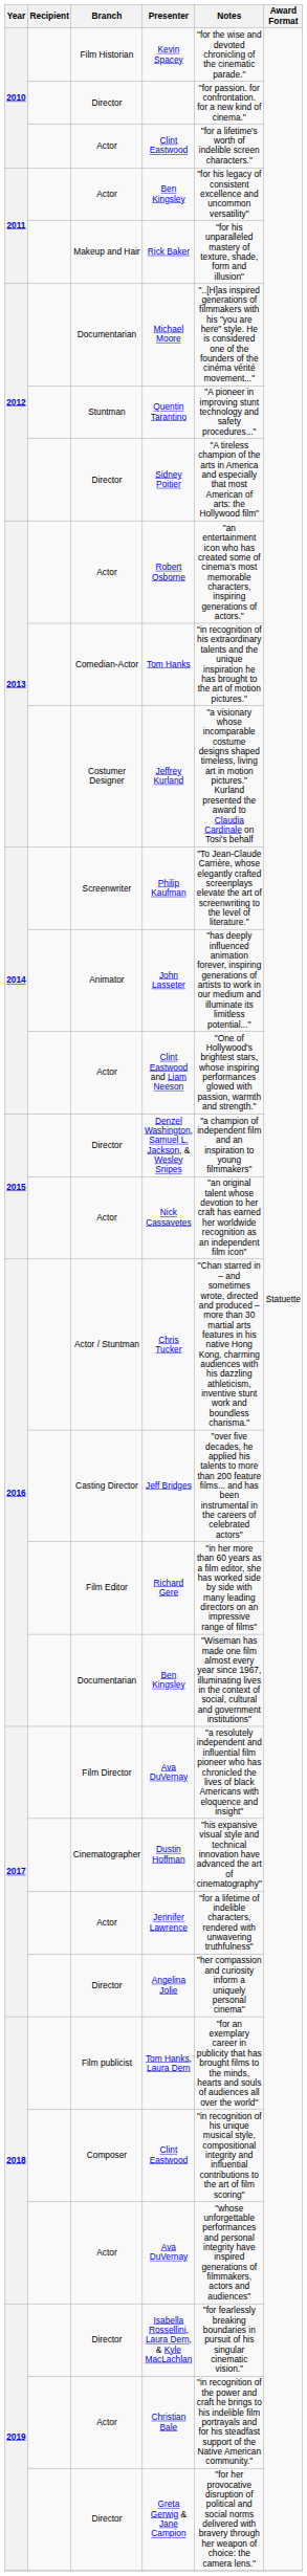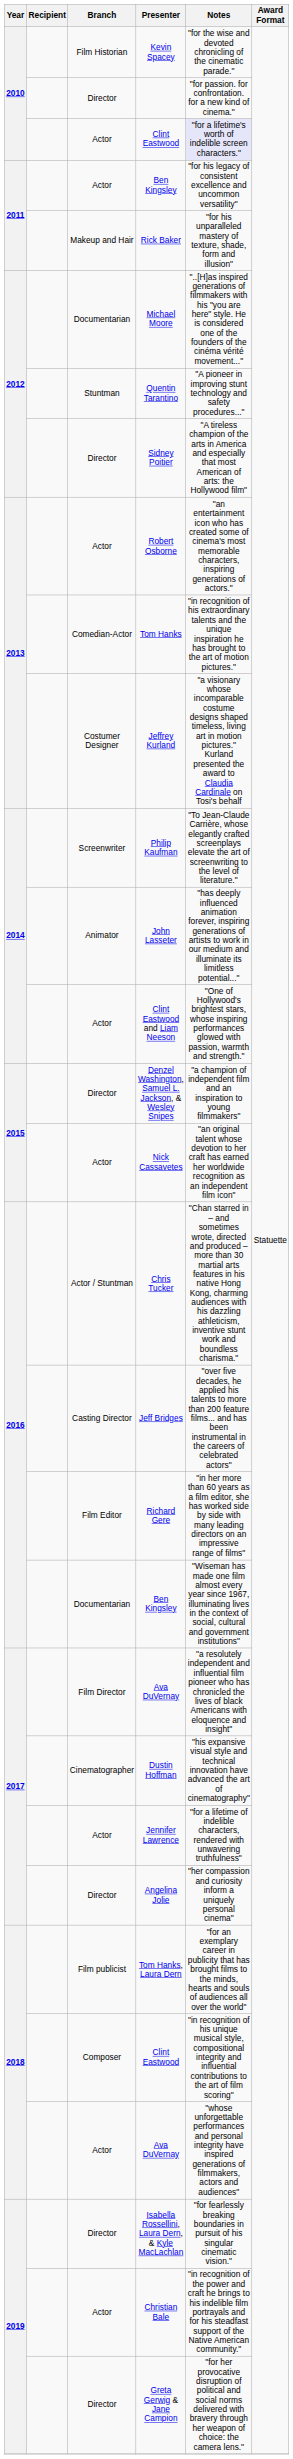 <table class="wikitable plainrowheaders" width="85%" style="text-align:center;">
 <tr>
 <th scope="col">Year</th>
 <th width=150>Recipient</th>
 <th width=120>Branch</th>
 <th width=150>Presenter</th>
 <th scope="col" class="unsortable">Notes</th>
 <th scope="col">Award Format</th>
 </tr>
 <tr>
 <th rowspan="3"><a href='#'>2010</a></th>
 <td></td>
 <td>Film Historian</td>
 <td><a href='#'>Kevin Spacey</a></td>
 <td>"for the wise and devoted chronicling of the cinematic parade."</td>
 <td rowspan="30">Statuette</td>
 </tr>
 <tr>
 <td></td>
 <td>Director</td>
 <td></td>
 <td>"for passion. for confrontation. for a new kind of cinema."</td>
 </tr>
 <tr>
 <td></td>
 <td>Actor</td>
 <td><a href='#'>Clint Eastwood</a></td>
-<td>"for a lifetime's worth of indelible screen characters."</td>
+<td style="background: lavender;">"for a lifetime's worth of indelible screen characters."</td>
 </tr>
 <tr>
 <th rowspan="2"><a href='#'>2011</a></th>
 <td></td>
 <td>Actor</td>
 <td><a href='#'>Ben Kingsley</a></td>
 <td>"for his legacy of consistent excellence and uncommon versatility"</td>
 </tr>
 <tr>
 <td></td>
 <td>Makeup and Hair</td>
 <td><a href='#'>Rick Baker</a></td>
 <td>"for his unparalleled mastery of texture, shade, form and illusion"</td>
 </tr>
 <tr>
 <th rowspan="3"><a href='#'>2012</a></th>
 <td></td>
 <td>Documentarian</td>
 <td><a href='#'>Michael Moore</a></td>
 <td>"..[H]as inspired generations of filmmakers with his "you are here" style. He is considered one of the founders of the cinéma vérité movement..."</td>
 </tr>
 <tr>
 <td></td>
 <td>Stuntman</td>
 <td><a href='#'>Quentin Tarantino</a></td>
 <td>"A pioneer in improving stunt technology and safety procedures..."</td>
 </tr>
 <tr>
 <td></td>
 <td>Director</td>
 <td><a href='#'>Sidney Poitier</a></td>
 <td>"A tireless champion of the arts in America and especially that most American of arts: the Hollywood film"</td>
 </tr>
 <tr>
 <th rowspan="3"><a href='#'>2013</a></th>
 <td></td>
 <td>Actor</td>
 <td><a href='#'>Robert Osborne</a></td>
 <td>"an entertainment icon who has created some of cinema's most memorable characters, inspiring generations of actors."</td>
 </tr>
 <tr>
 <td></td>
 <td>Comedian-Actor</td>
 <td><a href='#'>Tom Hanks</a></td>
 <td>"in recognition of his extraordinary talents and the unique inspiration he has brought to the art of motion pictures."</td>
 </tr>
 <tr>
 <td></td>
 <td>Costumer Designer</td>
 <td><a href='#'>Jeffrey Kurland</a></td>
 <td>"a visionary whose incomparable costume designs shaped timeless, living art in motion pictures." <br> Kurland presented the award to <a href='#'>Claudia Cardinale</a> on Tosi's behalf</td>
 </tr>
 <tr>
 <th rowspan="3"><a href='#'>2014</a></th>
 <td></td>
 <td>Screenwriter</td>
 <td><a href='#'>Philip Kaufman</a></td>
 <td>"To Jean-Claude Carrière, whose elegantly crafted screenplays elevate the art of screenwriting to the level of literature."</td>
 </tr>
 <tr>
 <td></td>
 <td>Animator</td>
 <td><a href='#'>John Lasseter</a></td>
 <td>"has deeply influenced animation forever, inspiring generations of artists to work in our medium and illuminate its limitless potential..."</td>
 </tr>
 <tr>
 <td></td>
 <td>Actor</td>
 <td><a href='#'>Clint Eastwood</a> and <a href='#'>Liam Neeson</a></td>
 <td>"One of Hollywood's brightest stars, whose inspiring performances glowed with passion, warmth and strength."</td>
 </tr>
 <tr>
 <th rowspan="2"><a href='#'>2015</a></th>
 <td></td>
 <td>Director</td>
 <td><a href='#'>Denzel Washington</a>, <a href='#'>Samuel L. Jackson</a>, & <a href='#'>Wesley Snipes</a></td>
 <td>"a champion of independent film and an inspiration to young filmmakers"</td>
 </tr>
 <tr>
 <td></td>
 <td>Actor</td>
 <td><a href='#'>Nick Cassavetes</a></td>
 <td>"an original talent whose devotion to her craft has earned her worldwide recognition as an independent film icon"</td>
 </tr>
 <tr>
 <th rowspan="4"><a href='#'>2016</a></th>
 <td></td>
 <td>Actor / Stuntman</td>
 <td><a href='#'>Chris Tucker</a></td>
 <td>"Chan starred in – and sometimes wrote, directed and produced – more than 30 martial arts features in his native Hong Kong, charming audiences with his dazzling athleticism, inventive stunt work and boundless charisma."</td>
 </tr>
 <tr>
 <td></td>
 <td>Casting Director</td>
 <td><a href='#'>Jeff Bridges</a></td>
 <td>"over five decades, he applied his talents to more than 200 feature films... and has been instrumental in the careers of celebrated actors"</td>
 </tr>
 <tr>
 <td></td>
 <td>Film Editor</td>
 <td><a href='#'>Richard Gere</a></td>
 <td>"in her more than 60 years as a film editor, she has worked side by side with many leading directors on an impressive range of films"</td>
 </tr>
 <tr>
 <td></td>
 <td>Documentarian</td>
 <td><a href='#'>Ben Kingsley</a></td>
 <td>"Wiseman has made one film almost every year since 1967, illuminating lives in the context of social, cultural and government institutions"</td>
 </tr>
 <tr>
 <th rowspan="4"><a href='#'>2017</a> <br></th>
 <td></td>
 <td>Film Director</td>
 <td><a href='#'>Ava DuVernay</a></td>
 <td>"a resolutely independent and influential film pioneer who has chronicled the lives of black Americans with eloquence and insight"</td>
 </tr>
 <tr>
 <td></td>
 <td>Cinematographer</td>
 <td><a href='#'>Dustin Hoffman</a></td>
 <td>"his expansive visual style and technical innovation have advanced the art of cinematography"</td>
 </tr>
 <tr>
 <td></td>
 <td>Actor</td>
 <td><a href='#'>Jennifer Lawrence</a></td>
 <td>"for a lifetime of indelible characters, rendered with unwavering truthfulness"</td>
 </tr>
 <tr>
 <td></td>
 <td>Director</td>
 <td><a href='#'>Angelina Jolie</a></td>
 <td>"her compassion and curiosity inform a uniquely personal cinema"</td>
 </tr>
 <tr>
 <th rowspan="3"><a href='#'>2018</a> <br></th>
 <td></td>
 <td>Film publicist</td>
 <td><a href='#'>Tom Hanks</a>, <a href='#'>Laura Dern</a></td>
 <td>"for an exemplary career in publicity that has brought films to the minds, hearts and souls of audiences all over the world"</td>
 </tr>
 <tr>
 <td></td>
 <td>Composer</td>
 <td><a href='#'>Clint Eastwood</a></td>
 <td>"in recognition of his unique musical style, compositional integrity and influential contributions to the art of film scoring"</td>
 </tr>
 <tr>
 <td></td>
 <td>Actor</td>
 <td><a href='#'>Ava DuVernay</a></td>
 <td>"whose unforgettable performances and personal integrity have inspired generations of filmmakers, actors and audiences"</td>
 </tr>
 <tr>
 <th rowspan="3"><a href='#'>2019</a> <br></th>
 <td></td>
 <td>Director</td>
 <td><a href='#'>Isabella Rossellini</a>, <a href='#'>Laura Dern</a>, & <a href='#'>Kyle MacLachlan</a></td>
 <td>"for fearlessly breaking boundaries in pursuit of his singular cinematic vision."</td>
 </tr>
 <tr>
 <td></td>
 <td>Actor</td>
 <td><a href='#'>Christian Bale</a></td>
 <td>"in recognition of the power and craft he brings to his indelible film portrayals and for his steadfast support of the Native American community."</td>
 </tr>
 <tr>
 <td></td>
 <td>Director</td>
 <td><a href='#'>Greta Gerwig</a> & <a href='#'>Jane Campion</a></td>
 <td>"for her provocative disruption of political and social norms delivered with bravery through her weapon of choice: the camera lens."</td>
 </tr>
 <tr>
 </tr>
 </table>
